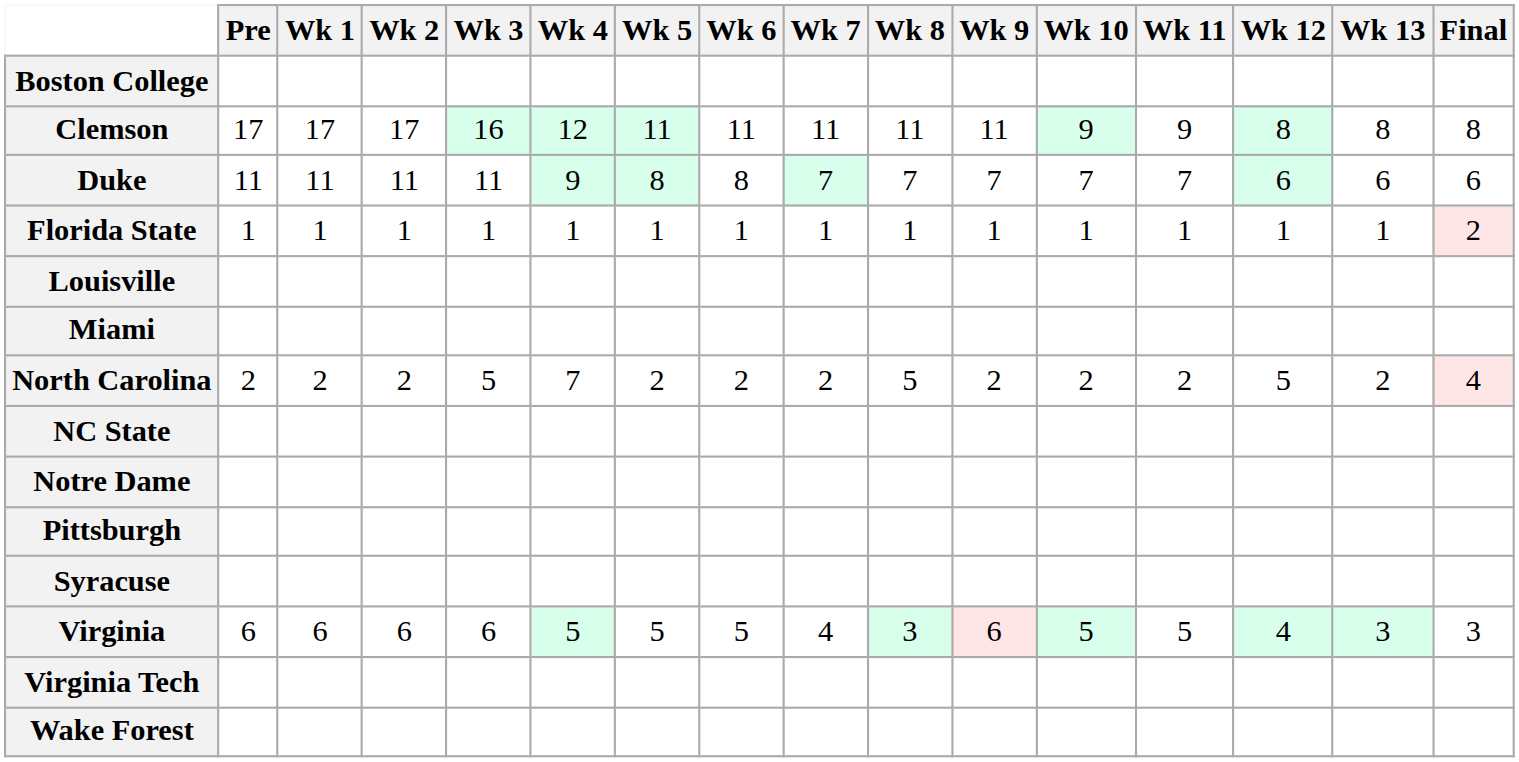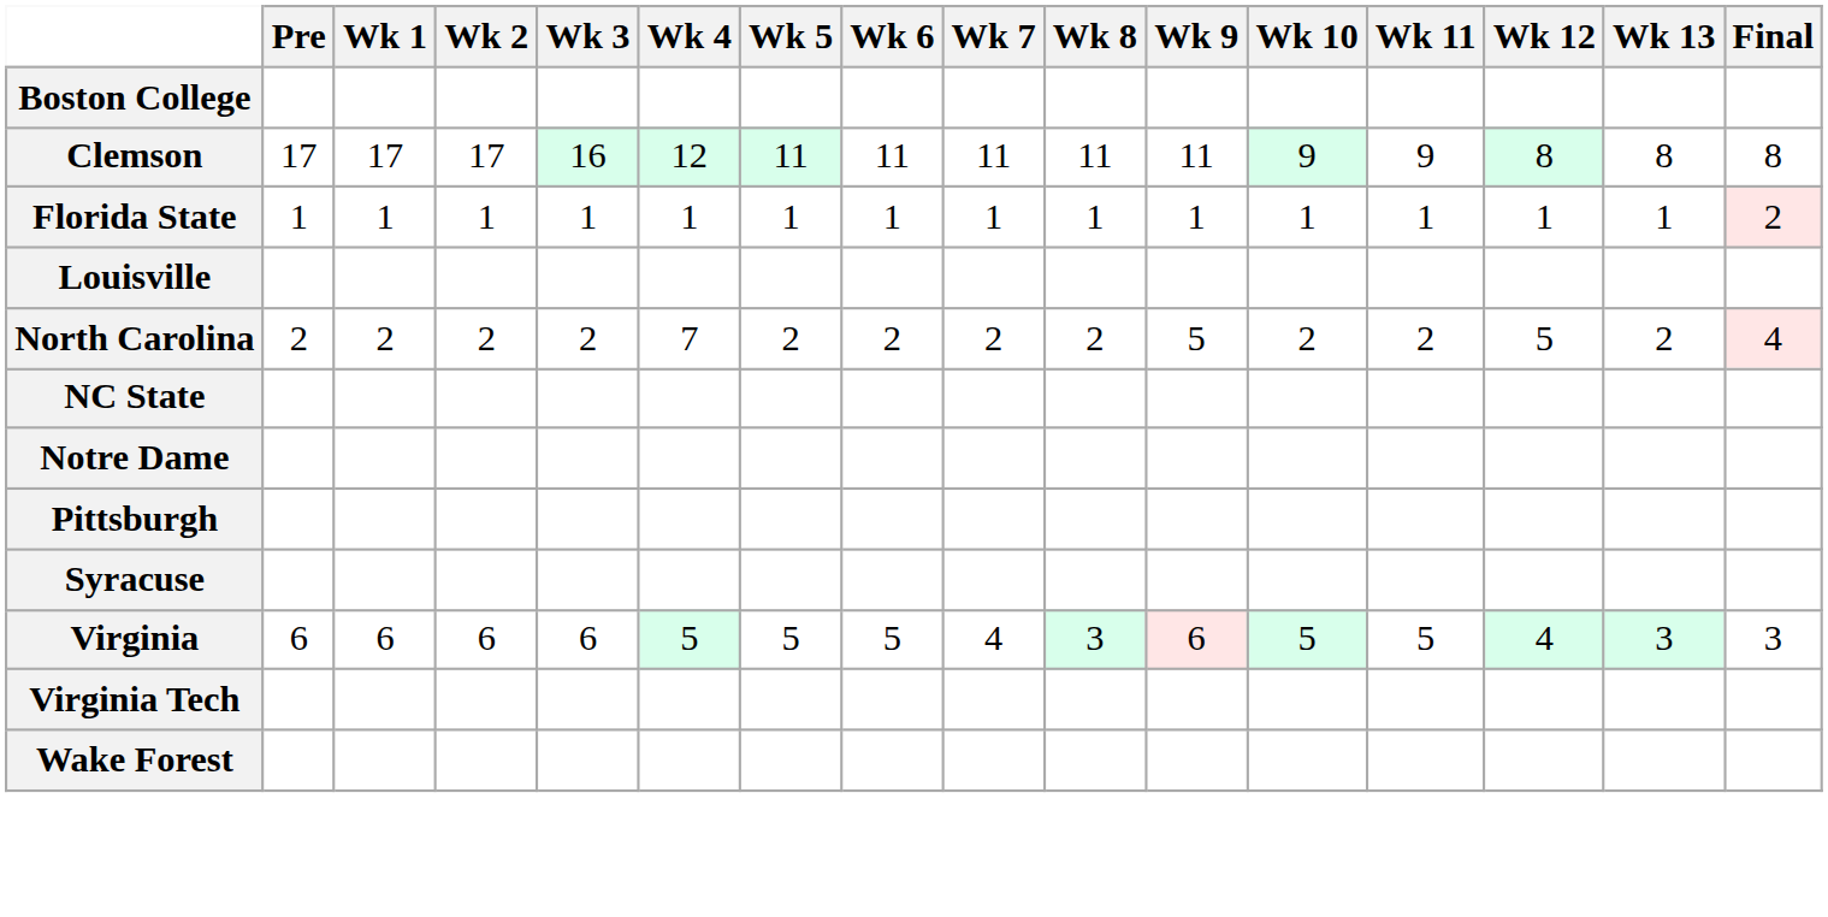 <table class="wikitable" style="white-space:nowrap;font-size:90%;">
 <tr>
 <th colspan=1 style="background:white; border-top-style:hidden; border-left-style:hidden;"> </th>
 <th>Pre  <br></th>
 <th>Wk 1 <br></th>
 <th>Wk 2 <br></th>
 <th>Wk 3 <br></th>
 <th>Wk 4 <br></th>
 <th>Wk 5 <br></th>
 <th>Wk 6 <br></th>
 <th>Wk 7 <br></th>
 <th>Wk 8 <br></th>
 <th>Wk 9 <br></th>
 <th>Wk 10 <br></th>
 <th>Wk 11 <br></th>
 <th>Wk 12 <br></th>
 <th>Wk 13 <br></th>
 <th>Final <br></th>
 </tr>
 <tr style="text-align:center;">
 <th>Boston College</th>
 <td style="background:#FFF;"></td>
 <td style="background:#FFF;"></td>
 <td style="background:#FFF;"></td>
 <td style="background:#FFF;"></td>
 <td style="background:#FFF;"></td>
 <td style="background:#FFF;"></td>
 <td style="background:#FFF;"></td>
 <td style="background:#FFF;"></td>
 <td style="background:#FFF;"></td>
 <td style="background:#FFF;"></td>
 <td style="background:#FFF;"></td>
 <td style="background:#FFF;"></td>
 <td style="background:#FFF;"></td>
 <td style="background:#FFF;"></td>
 <td style="background:#FFF;"></td>
 </tr>
 <tr style="text-align:center;">
 <th>Clemson</th>
 <td style="background:#FFF;"> 17</td>
 <td style="background:#FFF;"> 17</td>
 <td style="background:#FFF;"> 17</td>
 <td style="background:#D8FFEB;"> 16</td>
 <td style="background:#D8FFEB;"> 12</td>
 <td style="background:#D8FFEB;"> 11</td>
 <td style="background:#FFF;"> 11</td>
 <td style="background:#FFF;"> 11</td>
 <td style="background:#FFF;"> 11</td>
 <td style="background:#FFF;"> 11</td>
 <td style="background:#D8FFEB;"> 9</td>
 <td style="background:#FFF;"> 9</td>
 <td style="background:#D8FFEB;"> 8</td>
 <td style="background:#FFF;"> 8</td>
 <td style="background:#FFF;"> 8</td>
 </tr>
 <tr style="text-align:center;">
-<th>Duke</th>
-<td style="background:#FFF;"> 11</td>
-<td style="background:#FFF;"> 11</td>
-<td style="background:#FFF;"> 11</td>
-<td style="background:#FFF;"> 11</td>
-<td style="background:#D8FFEB;"> 9</td>
-<td style="background:#D8FFEB;"> 8</td>
-<td style="background:#FFF;"> 8</td>
-<td style="background:#D8FFEB;"> 7</td>
-<td style="background:#FFF;"> 7</td>
-<td style="background:#FFF;"> 7</td>
-<td style="background:#FFF;"> 7</td>
-<td style="background:#FFF;"> 7</td>
-<td style="background:#D8FFEB;"> 6</td>
-<td style="background:#FFF;"> 6</td>
-<td style="background:#FFF;"> 6</td>
-</tr>
-<tr style="text-align:center;">
 <th>Florida State</th>
 <td style="background:#FFF;"> 1</td>
 <td style="background:#FFF;"> 1</td>
 <td style="background:#FFF;"> 1</td>
 <td style="background:#FFF;"> 1</td>
 <td style="background:#FFF;"> 1</td>
 <td style="background:#FFF;"> 1</td>
 <td style="background:#FFF;"> 1</td>
 <td style="background:#FFF;"> 1</td>
 <td style="background:#FFF;"> 1</td>
 <td style="background:#FFF;"> 1</td>
 <td style="background:#FFF;"> 1</td>
 <td style="background:#FFF;"> 1</td>
 <td style="background:#FFF;"> 1</td>
 <td style="background:#FFF;"> 1</td>
 <td style="background:#FFE6E6;"> 2</td>
 </tr>
 <tr style="text-align:center;">
 <th>Louisville</th>
 <td style="background:#FFF;"></td>
 <td style="background:#FFF;"></td>
 <td style="background:#FFF;"></td>
 <td style="background:#FFF;"></td>
 <td style="background:#FFF;"></td>
 <td style="background:#FFF;"></td>
 <td style="background:#FFF;"></td>
 <td style="background:#FFF;"></td>
 <td style="background:#FFF;"></td>
 <td style="background:#FFF;"></td>
 <td style="background:#FFF;"></td>
 <td style="background:#FFF;"></td>
 <td style="background:#FFF;"></td>
 <td style="background:#FFF;"></td>
 <td style="background:#FFF;"></td>
 </tr>
 <tr style="text-align:center;">
-<th>Miami</th>
-<td style="background:#FFF;"></td>
-<td style="background:#FFF;"></td>
-<td style="background:#FFF;"></td>
-<td style="background:#FFF;"></td>
-<td style="background:#FFF;"></td>
-<td style="background:#FFF;"></td>
-<td style="background:#FFF;"></td>
-<td style="background:#FFF;"></td>
-<td style="background:#FFF;"></td>
-<td style="background:#FFF;"></td>
-<td style="background:#FFF;"></td>
-<td style="background:#FFF;"></td>
-<td style="background:#FFF;"></td>
-<td style="background:#FFF;"></td>
-<td style="background:#FFF;"></td>
-</tr>
-<tr style="text-align:center;">
 <th>North Carolina</th>
 <td style="background:#FFF;"> 2</td>
 <td style="background:#FFF;"> 2</td>
 <td style="background:#FFF;"> 2</td>
-<td style="background:#FFF;"> 5</td>
+<td style="background:#FFF;"> 2</td>
 <td style="background:#FFF;"> 7</td>
 <td style="background:#FFF;"> 2</td>
 <td style="background:#FFF;"> 2</td>
 <td style="background:#FFF;"> 2</td>
+<td style="background:#FFF;"> 2</td>
 <td style="background:#FFF;"> 5</td>
-<td style="background:#FFF;"> 2</td>
 <td style="background:#FFF;"> 2</td>
 <td style="background:#FFF;"> 2</td>
 <td style="background:#FFF;"> 5</td>
 <td style="background:#FFF;"> 2</td>
 <td style="background:#FFE6E6;"> 4</td>
 </tr>
 <tr style="text-align:center;">
 <th>NC State</th>
 <td style="background:#FFF;"></td>
 <td style="background:#FFF;"></td>
 <td style="background:#FFF;"></td>
 <td style="background:#FFF;"></td>
 <td style="background:#FFF;"></td>
 <td style="background:#FFF;"></td>
 <td style="background:#FFF;"></td>
 <td style="background:#FFF;"></td>
 <td style="background:#FFF;"></td>
 <td style="background:#FFF;"></td>
 <td style="background:#FFF;"></td>
 <td style="background:#FFF;"></td>
 <td style="background:#FFF;"></td>
 <td style="background:#FFF;"></td>
 <td style="background:#FFF;"></td>
 </tr>
 <tr style="text-align:center;">
 <th>Notre Dame</th>
 <td style="background:#FFF;"></td>
 <td style="background:#FFF;"></td>
 <td style="background:#FFF;"></td>
 <td style="background:#FFF;"></td>
 <td style="background:#FFF;"></td>
 <td style="background:#FFF;"></td>
 <td style="background:#FFF;"></td>
 <td style="background:#FFF;"></td>
 <td style="background:#FFF;"></td>
 <td style="background:#FFF;"></td>
 <td style="background:#FFF;"></td>
 <td style="background:#FFF;"></td>
 <td style="background:#FFF;"></td>
 <td style="background:#FFF;"></td>
 <td style="background:#FFF;"></td>
 </tr>
 <tr style="text-align:center;">
 <th>Pittsburgh</th>
 <td style="background:#FFF;"></td>
 <td style="background:#FFF;"></td>
 <td style="background:#FFF;"></td>
 <td style="background:#FFF;"></td>
 <td style="background:#FFF;"></td>
 <td style="background:#FFF;"></td>
 <td style="background:#FFF;"></td>
 <td style="background:#FFF;"></td>
 <td style="background:#FFF;"></td>
 <td style="background:#FFF;"></td>
 <td style="background:#FFF;"></td>
 <td style="background:#FFF;"></td>
 <td style="background:#FFF;"></td>
 <td style="background:#FFF;"></td>
 <td style="background:#FFF;"></td>
 </tr>
 <tr style="text-align:center;">
 <th>Syracuse</th>
 <td style="background:#FFF;"></td>
 <td style="background:#FFF;"></td>
 <td style="background:#FFF;"></td>
 <td style="background:#FFF;"></td>
 <td style="background:#FFF;"></td>
 <td style="background:#FFF;"></td>
 <td style="background:#FFF;"></td>
 <td style="background:#FFF;"></td>
 <td style="background:#FFF;"></td>
 <td style="background:#FFF;"></td>
 <td style="background:#FFF;"></td>
 <td style="background:#FFF;"></td>
 <td style="background:#FFF;"></td>
 <td style="background:#FFF;"></td>
 <td style="background:#FFF;"></td>
 </tr>
 <tr style="text-align:center;">
 <th>Virginia</th>
 <td style="background:#FFF;"> 6</td>
 <td style="background:#FFF;"> 6</td>
 <td style="background:#FFF;"> 6</td>
 <td style="background:#FFF;"> 6</td>
 <td style="background:#D8FFEB;"> 5</td>
 <td style="background:#FFF;"> 5</td>
 <td style="background:#FFF;"> 5</td>
 <td style="background:#FFF;"> 4</td>
 <td style="background:#D8FFEB;"> 3</td>
 <td style="background:#FFE6E6;"> 6</td>
 <td style="background:#D8FFEB;"> 5</td>
 <td style="background:#FFF;"> 5</td>
 <td style="background:#D8FFEB;"> 4</td>
 <td style="background:#D8FFEB;"> 3</td>
 <td style="background:#FFF;"> 3</td>
 </tr>
 <tr style="text-align:center;">
 <th>Virginia Tech</th>
 <td style="background:#FFF;"></td>
 <td style="background:#FFF;"></td>
 <td style="background:#FFF;"></td>
 <td style="background:#FFF;"></td>
 <td style="background:#FFF;"></td>
 <td style="background:#FFF;"></td>
 <td style="background:#FFF;"></td>
 <td style="background:#FFF;"></td>
 <td style="background:#FFF;"></td>
 <td style="background:#FFF;"></td>
 <td style="background:#FFF;"></td>
 <td style="background:#FFF;"></td>
 <td style="background:#FFF;"></td>
 <td style="background:#FFF;"></td>
 <td style="background:#FFF;"></td>
 </tr>
 <tr style="text-align:center;">
 <th>Wake Forest</th>
 <td style="background:#FFF;"></td>
 <td style="background:#FFF;"></td>
 <td style="background:#FFF;"></td>
 <td style="background:#FFF;"></td>
 <td style="background:#FFF;"></td>
 <td style="background:#FFF;"></td>
 <td style="background:#FFF;"></td>
 <td style="background:#FFF;"></td>
 <td style="background:#FFF;"></td>
 <td style="background:#FFF;"></td>
 <td style="background:#FFF;"></td>
 <td style="background:#FFF;"></td>
 <td style="background:#FFF;"></td>
 <td style="background:#FFF;"></td>
 <td style="background:#FFF;"></td>
 </tr>
 </table>
